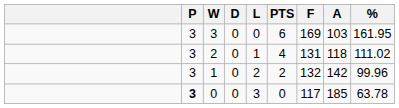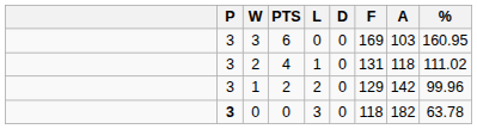 <table class=wikitable style="text-align:center">
 <tr>
 <th width=220></th>
 <th width=20>P</th>
 <th width=20>W</th>
+<th width=20>PTS</th>
+<th width=20>L</th>
 <th width=20>D</th>
-<th width=20>L</th>
-<th width=20>PTS</th>
 <th width=20>F</th>
 <th width=20>A</th>
 <th width=20>%</th>
 </tr>
 <tr>
 <td style="text-align:left;"></td>
 <td>3</td>
 <td>3</td>
+<td>6</td>
 <td>0</td>
 <td>0</td>
-<td>6</td>
 <td>169</td>
 <td>103</td>
-<td>161.95</td>
+<td>160.95</td>
 </tr>
 <tr>
 <td style="text-align:left;"></td>
 <td>3</td>
 <td>2</td>
+<td>4</td>
+<td>1</td>
 <td>0</td>
-<td>1</td>
-<td>4</td>
 <td>131</td>
 <td>118</td>
 <td>111.02</td>
 </tr>
 <tr>
 <td style="text-align:left;"></td>
 <td>3</td>
 <td>1</td>
-<td>0</td>
 <td>2</td>
 <td>2</td>
-<td>132</td>
+<td>0</td>
+<td>129</td>
 <td>142</td>
 <td>99.96</td>
 </tr>
 <tr>
 <td style="text-align:left;"></td>
 <td><strong>3</strong></td>
 <td>0</td>
 <td>0</td>
 <td>3</td>
 <td>0</td>
-<td>117</td>
-<td>185</td>
+<td>118</td>
+<td>182</td>
 <td>63.78</td>
 </tr>
 </table>
